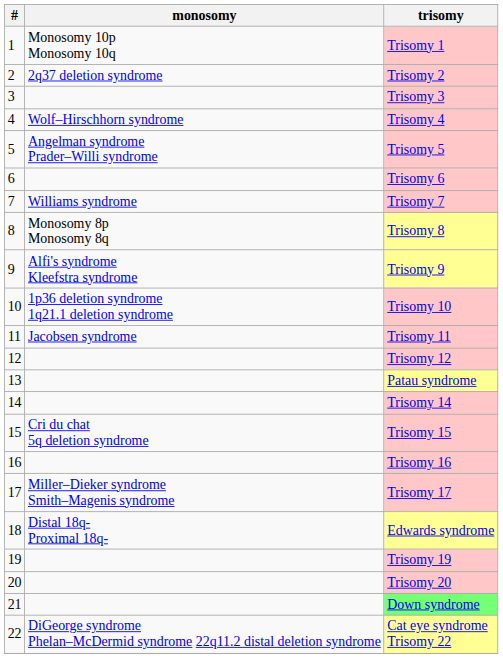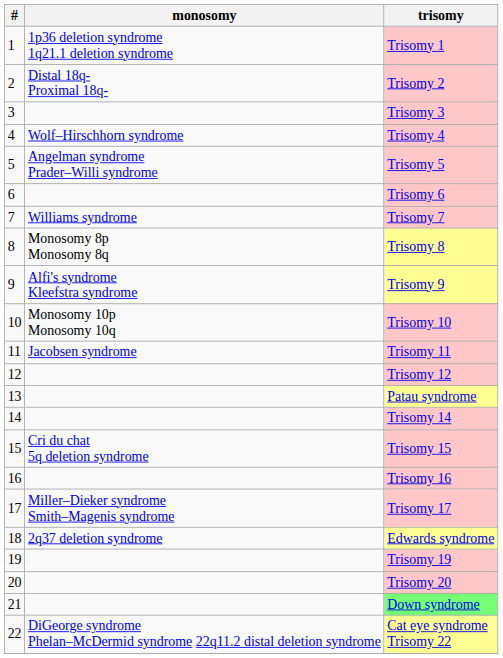 <table class="wikitable">
 <tr>
 <th>#</th>
 <th>monosomy</th>
 <th>trisomy</th>
 </tr>
 <tr>
 <td>1</td>
-<td>Monosomy 10p<br>Monosomy 10q</td>
+<td><a href='#'>1p36 deletion syndrome</a><br><a href='#'>1q21.1 deletion syndrome</a></td>
 <td style="background: #ffc7c7; color:white;"><a href='#'>Trisomy 1</a></td>
 </tr>
 <tr>
 <td>2</td>
-<td><a href='#'>2q37 deletion syndrome</a></td>
+<td><a href='#'>Distal 18q-</a><br><a href='#'>Proximal 18q-</a></td>
 <td style="background: #ffc7c7; color:white;"><a href='#'>Trisomy 2</a></td>
 </tr>
 <tr>
 <td>3</td>
 <td></td>
 <td style="background: #ffc7c7; color:white;"><a href='#'>Trisomy 3</a></td>
 </tr>
 <tr>
 <td>4</td>
 <td><a href='#'>Wolf–Hirschhorn syndrome</a></td>
 <td style="background: #ffc7c7; color:white;"><a href='#'>Trisomy 4</a></td>
 </tr>
 <tr>
 <td>5</td>
 <td><a href='#'>Angelman syndrome</a><br><a href='#'>Prader–Willi syndrome</a></td>
 <td style="background: #ffc7c7; color:white;"><a href='#'>Trisomy 5</a></td>
 </tr>
 <tr>
 <td>6</td>
 <td></td>
 <td style="background: #ffc7c7; color:white;"><a href='#'>Trisomy 6</a></td>
 </tr>
 <tr>
 <td>7</td>
 <td><a href='#'>Williams syndrome</a></td>
 <td style="background: #ffc7c7; color:white;"><a href='#'>Trisomy 7</a></td>
 </tr>
 <tr>
 <td>8</td>
 <td>Monosomy 8p<br>Monosomy 8q</td>
 <td style="background: #ffff94; color:white;"><a href='#'>Trisomy 8</a></td>
 </tr>
 <tr>
 <td>9</td>
 <td><a href='#'>Alfi's syndrome</a><br><a href='#'>Kleefstra syndrome</a></td>
 <td style="background: #ffff94; color:white;"><a href='#'>Trisomy 9</a></td>
 </tr>
 <tr>
 <td>10</td>
-<td><a href='#'>1p36 deletion syndrome</a><br><a href='#'>1q21.1 deletion syndrome</a></td>
+<td>Monosomy 10p<br>Monosomy 10q</td>
 <td style="background: #ffc7c7; color:white;"><a href='#'>Trisomy 10</a></td>
 </tr>
 <tr>
 <td>11</td>
 <td><a href='#'>Jacobsen syndrome</a></td>
 <td style="background: #ffc7c7; color:white;"><a href='#'>Trisomy 11</a></td>
 </tr>
 <tr>
 <td>12</td>
 <td></td>
 <td style="background: #ffc7c7; color:white;"><a href='#'>Trisomy 12</a></td>
 </tr>
 <tr>
 <td>13</td>
 <td></td>
 <td style="background: #ffff94; color:white;"><a href='#'>Patau syndrome</a></td>
 </tr>
 <tr>
 <td>14</td>
 <td></td>
 <td style="background: #ffc7c7; color:white;"><a href='#'>Trisomy 14</a></td>
 </tr>
 <tr>
 <td>15</td>
 <td><a href='#'>Cri du chat</a><br><a href='#'>5q deletion syndrome</a></td>
 <td style="background: #ffc7c7; color:white;"><a href='#'>Trisomy 15</a></td>
 </tr>
 <tr>
 <td>16</td>
 <td></td>
 <td style="background: #ffc7c7; color:white;"><a href='#'>Trisomy 16</a></td>
 </tr>
 <tr>
 <td>17</td>
 <td><a href='#'>Miller–Dieker syndrome</a><br><a href='#'>Smith–Magenis syndrome</a></td>
 <td style="background: #ffc7c7; color:white;"><a href='#'>Trisomy 17</a></td>
 </tr>
 <tr>
 <td>18</td>
-<td><a href='#'>Distal 18q-</a><br><a href='#'>Proximal 18q-</a></td>
+<td><a href='#'>2q37 deletion syndrome</a></td>
 <td style="background: #ffff94; color:white;"><a href='#'>Edwards syndrome</a></td>
 </tr>
 <tr>
 <td>19</td>
 <td></td>
 <td style="background: #ffc7c7; color:white;"><a href='#'>Trisomy 19</a></td>
 </tr>
 <tr>
 <td>20</td>
 <td></td>
 <td style="background: #ffc7c7; color:white;"><a href='#'>Trisomy 20</a></td>
 </tr>
 <tr>
 <td>21</td>
 <td></td>
 <td style="background: #75ff75; color:white;"><a href='#'>Down syndrome</a></td>
 </tr>
 <tr>
 <td>22</td>
 <td><a href='#'>DiGeorge syndrome</a><br><a href='#'>Phelan–McDermid syndrome</a> <a href='#'>22q11.2 distal deletion syndrome</a></td>
 <td style="background: #ffff94; color:white;"><a href='#'>Cat eye syndrome</a><br><a href='#'>Trisomy 22</a></td>
 </tr>
 <tr>
 </tr>
 </table>
